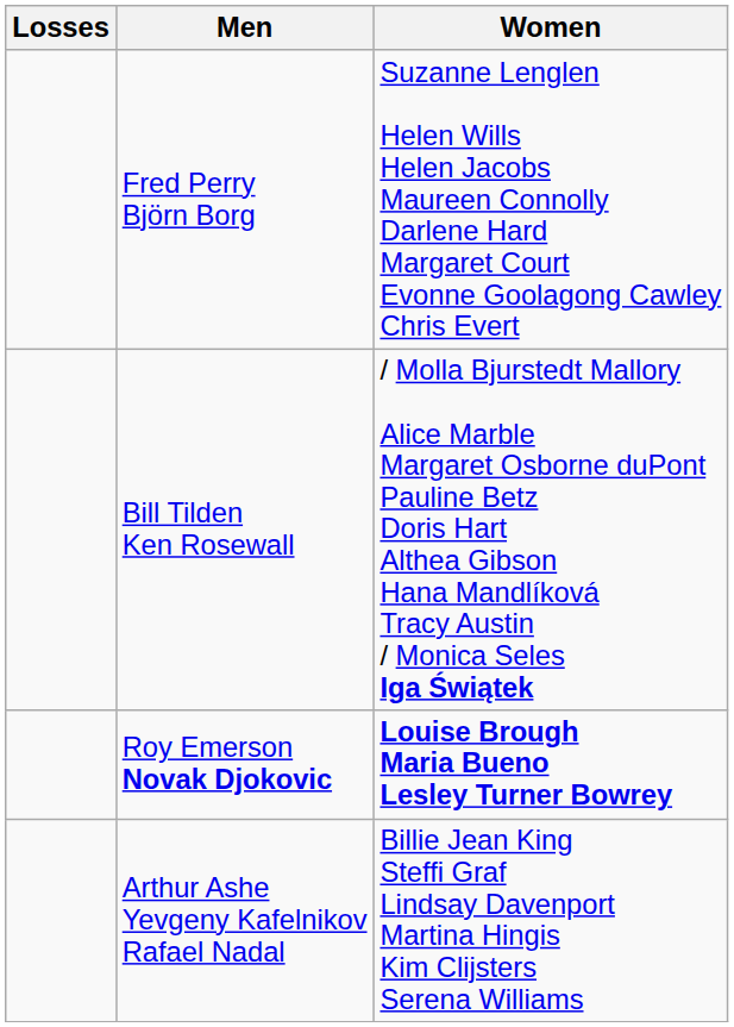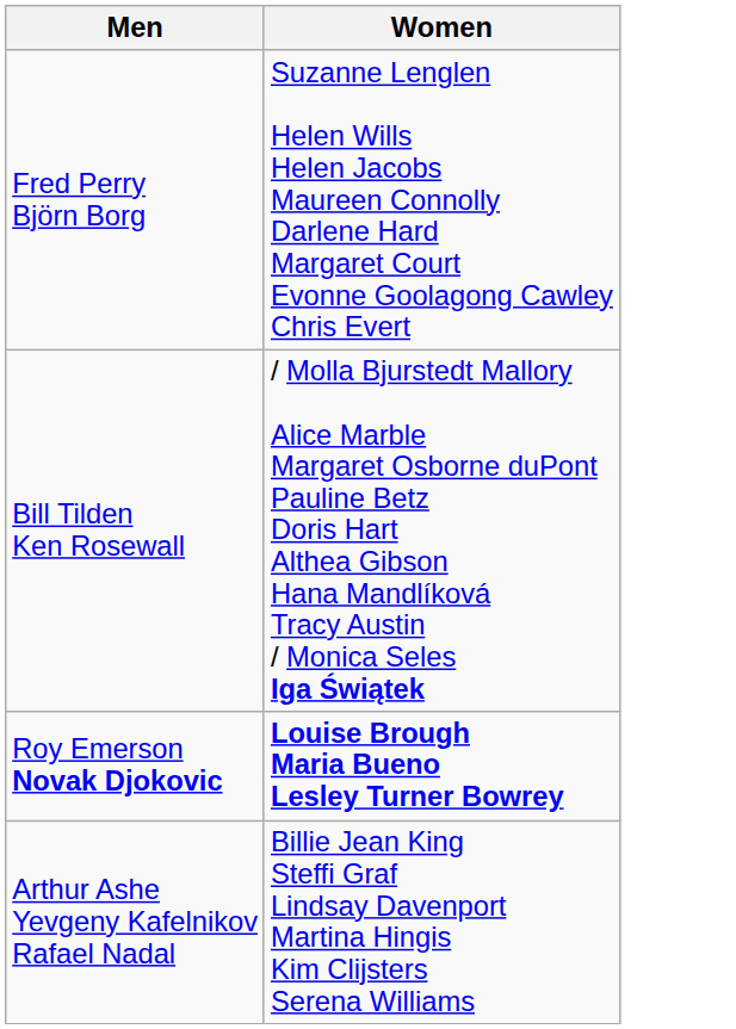 <table class=wikitable>
 <tr>
-<th scope="col">Losses</th>
 <th scope="col">Men</th>
 <th scope="col">Women</th>
 </tr>
 <tr>
-<td></td>
 <td> <a href='#'>Fred Perry</a> <br>  <a href='#'>Björn Borg</a></td>
 <td> <a href='#'>Suzanne Lenglen</a><br><br> <a href='#'>Helen Wills</a><br>  <a href='#'>Helen Jacobs</a><br>  <a href='#'>Maureen Connolly</a><br>  <a href='#'>Darlene Hard</a><br>  <a href='#'>Margaret Court</a><br>  <a href='#'>Evonne Goolagong Cawley</a><br>  <a href='#'>Chris Evert</a></td>
 </tr>
 <tr>
-<td></td>
 <td> <a href='#'>Bill Tilden</a> <br>  <a href='#'>Ken Rosewall</a></td>
 <td>/ <a href='#'>Molla Bjurstedt Mallory</a> <br><br> <a href='#'>Alice Marble</a> <br>  <a href='#'>Margaret Osborne duPont</a> <br>  <a href='#'>Pauline Betz</a> <br>  <a href='#'>Doris Hart</a> <br>  <a href='#'>Althea Gibson</a> <br>  <a href='#'>Hana Mandlíková</a> <br>  <a href='#'>Tracy Austin</a> <br> / <a href='#'>Monica Seles</a> <br>  <strong><a href='#'>Iga Świątek</a></strong></td>
 </tr>
 <tr>
-<td></td>
 <td> <a href='#'>Roy Emerson</a> <br>  <strong><a href='#'>Novak Djokovic</a></strong></td>
 <td><strong> <a href='#'>Louise Brough</a> <br>  <a href='#'>Maria Bueno</a> <br>  <a href='#'>Lesley Turner Bowrey</a></strong></td>
 </tr>
 <tr>
-<td></td>
 <td> <a href='#'>Arthur Ashe</a> <br>  <a href='#'>Yevgeny Kafelnikov</a> <br>  <a href='#'>Rafael Nadal</a></td>
 <td> <a href='#'>Billie Jean King</a> <br>  <a href='#'>Steffi Graf</a> <br>  <a href='#'>Lindsay Davenport</a> <br>  <a href='#'>Martina Hingis</a> <br>  <a href='#'>Kim Clijsters</a> <br>  <a href='#'>Serena Williams</a></td>
 </tr>
 </table>
